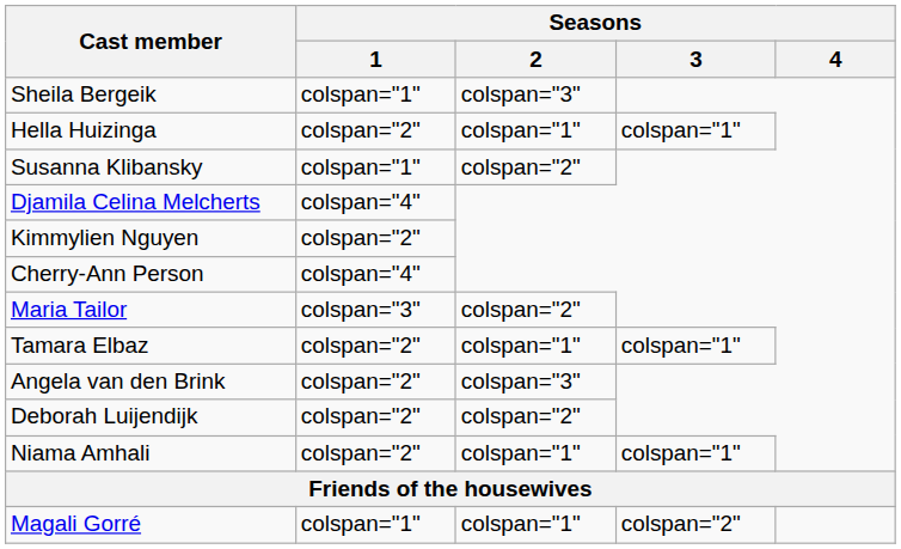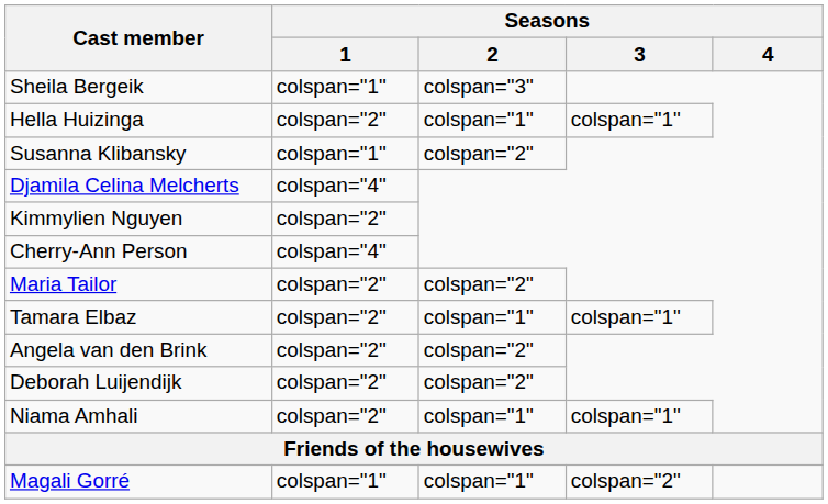 <table class="wikitable plainrowheaders" width="50%">
 <tr>
 <th rowspan="2" style="width:10%;">Cast member</th>
 <th colspan="4">Seasons</th>
 </tr>
 <tr>
 <th style="width:10%;">1</th>
 <th style="width:10%;">2</th>
 <th style="width:10%;">3</th>
 <th style="width:10%;">4</th>
 </tr>
 <tr>
 <td>Sheila Bergeik</td>
 <td>colspan="1" </td>
 <td>colspan="3" </td>
 </tr>
 <tr>
 <td>Hella Huizinga</td>
 <td>colspan="2" </td>
 <td>colspan="1" </td>
 <td>colspan="1" </td>
 </tr>
 <tr>
 <td>Susanna Klibansky</td>
 <td>colspan="1" </td>
 <td>colspan="2" </td>
 </tr>
 <tr>
 <td nowrap><a href='#'>Djamila Celina Melcherts</a></td>
 <td>colspan="4" </td>
 </tr>
 <tr>
 <td>Kimmylien Nguyen</td>
 <td>colspan="2" </td>
 </tr>
 <tr>
 <td nowrap>Cherry-Ann Person</td>
 <td>colspan="4" </td>
 </tr>
 <tr>
 <td><a href='#'>Maria Tailor</a></td>
-<td>colspan="3" </td>
+<td>colspan="2" </td>
 <td>colspan="2" </td>
 </tr>
 <tr>
 <td>Tamara Elbaz</td>
 <td>colspan="2" </td>
 <td>colspan="1" </td>
 <td>colspan="1" </td>
 </tr>
 <tr>
 <td>Angela van den Brink</td>
 <td>colspan="2" </td>
-<td>colspan="3" </td>
+<td>colspan="2" </td>
 </tr>
 <tr>
 <td>Deborah Luijendijk</td>
 <td>colspan="2" </td>
 <td>colspan="2" </td>
 </tr>
 <tr>
 <td>Niama Amhali</td>
 <td>colspan="2" </td>
 <td>colspan="1" </td>
 <td>colspan="1" </td>
 </tr>
 <tr>
 <th colspan="5" rowspan="1" style="width:16%;">Friends of the housewives</th>
 </tr>
 <tr>
 <td><a href='#'>Magali Gorré</a></td>
 <td>colspan="1" </td>
 <td>colspan="1" </td>
 <td>colspan="2" </td>
 </tr>
 </table>
